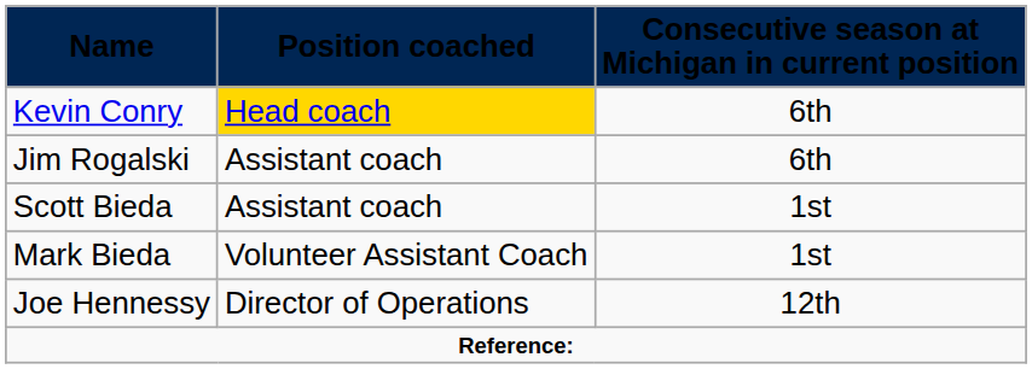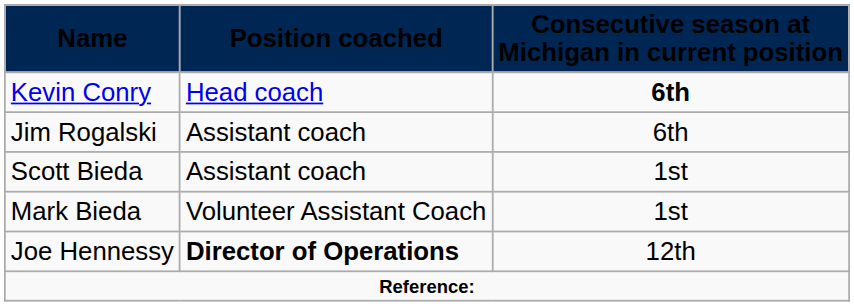 <table class="wikitable" style="font-size:93%;">
 <tr>
 <th style="background:#002654;"><span>Name</span></th>
 <th style="background:#002654;"><span>Position coached</span></th>
 <th style="background:#002654;"><span>Consecutive season at<br>Michigan in current position</span></th>
 </tr>
 <tr>
 <td><a href='#'>Kevin Conry</a></td>
-<td style="background: gold;"><a href='#'>Head coach</a></td>
-<td align=center>6th</td>
+<td><a href='#'>Head coach</a></td>
+<td align=center><strong>6th</strong></td>
 </tr>
 <tr>
 <td>Jim Rogalski</td>
 <td>Assistant coach</td>
 <td align=center>6th</td>
 </tr>
 <tr>
 <td>Scott Bieda</td>
 <td>Assistant coach</td>
 <td align=center>1st</td>
 </tr>
 <tr>
 <td>Mark Bieda</td>
 <td>Volunteer Assistant Coach</td>
 <td align=center>1st</td>
 </tr>
 <tr>
 <td>Joe Hennessy</td>
-<td>Director of Operations</td>
+<td><strong>Director of Operations</strong></td>
 <td align=center>12th</td>
 </tr>
 <tr>
 <td colspan="4"  style="font-size:8pt; text-align:center;"><strong>Reference:</strong></td>
 </tr>
 </table>
